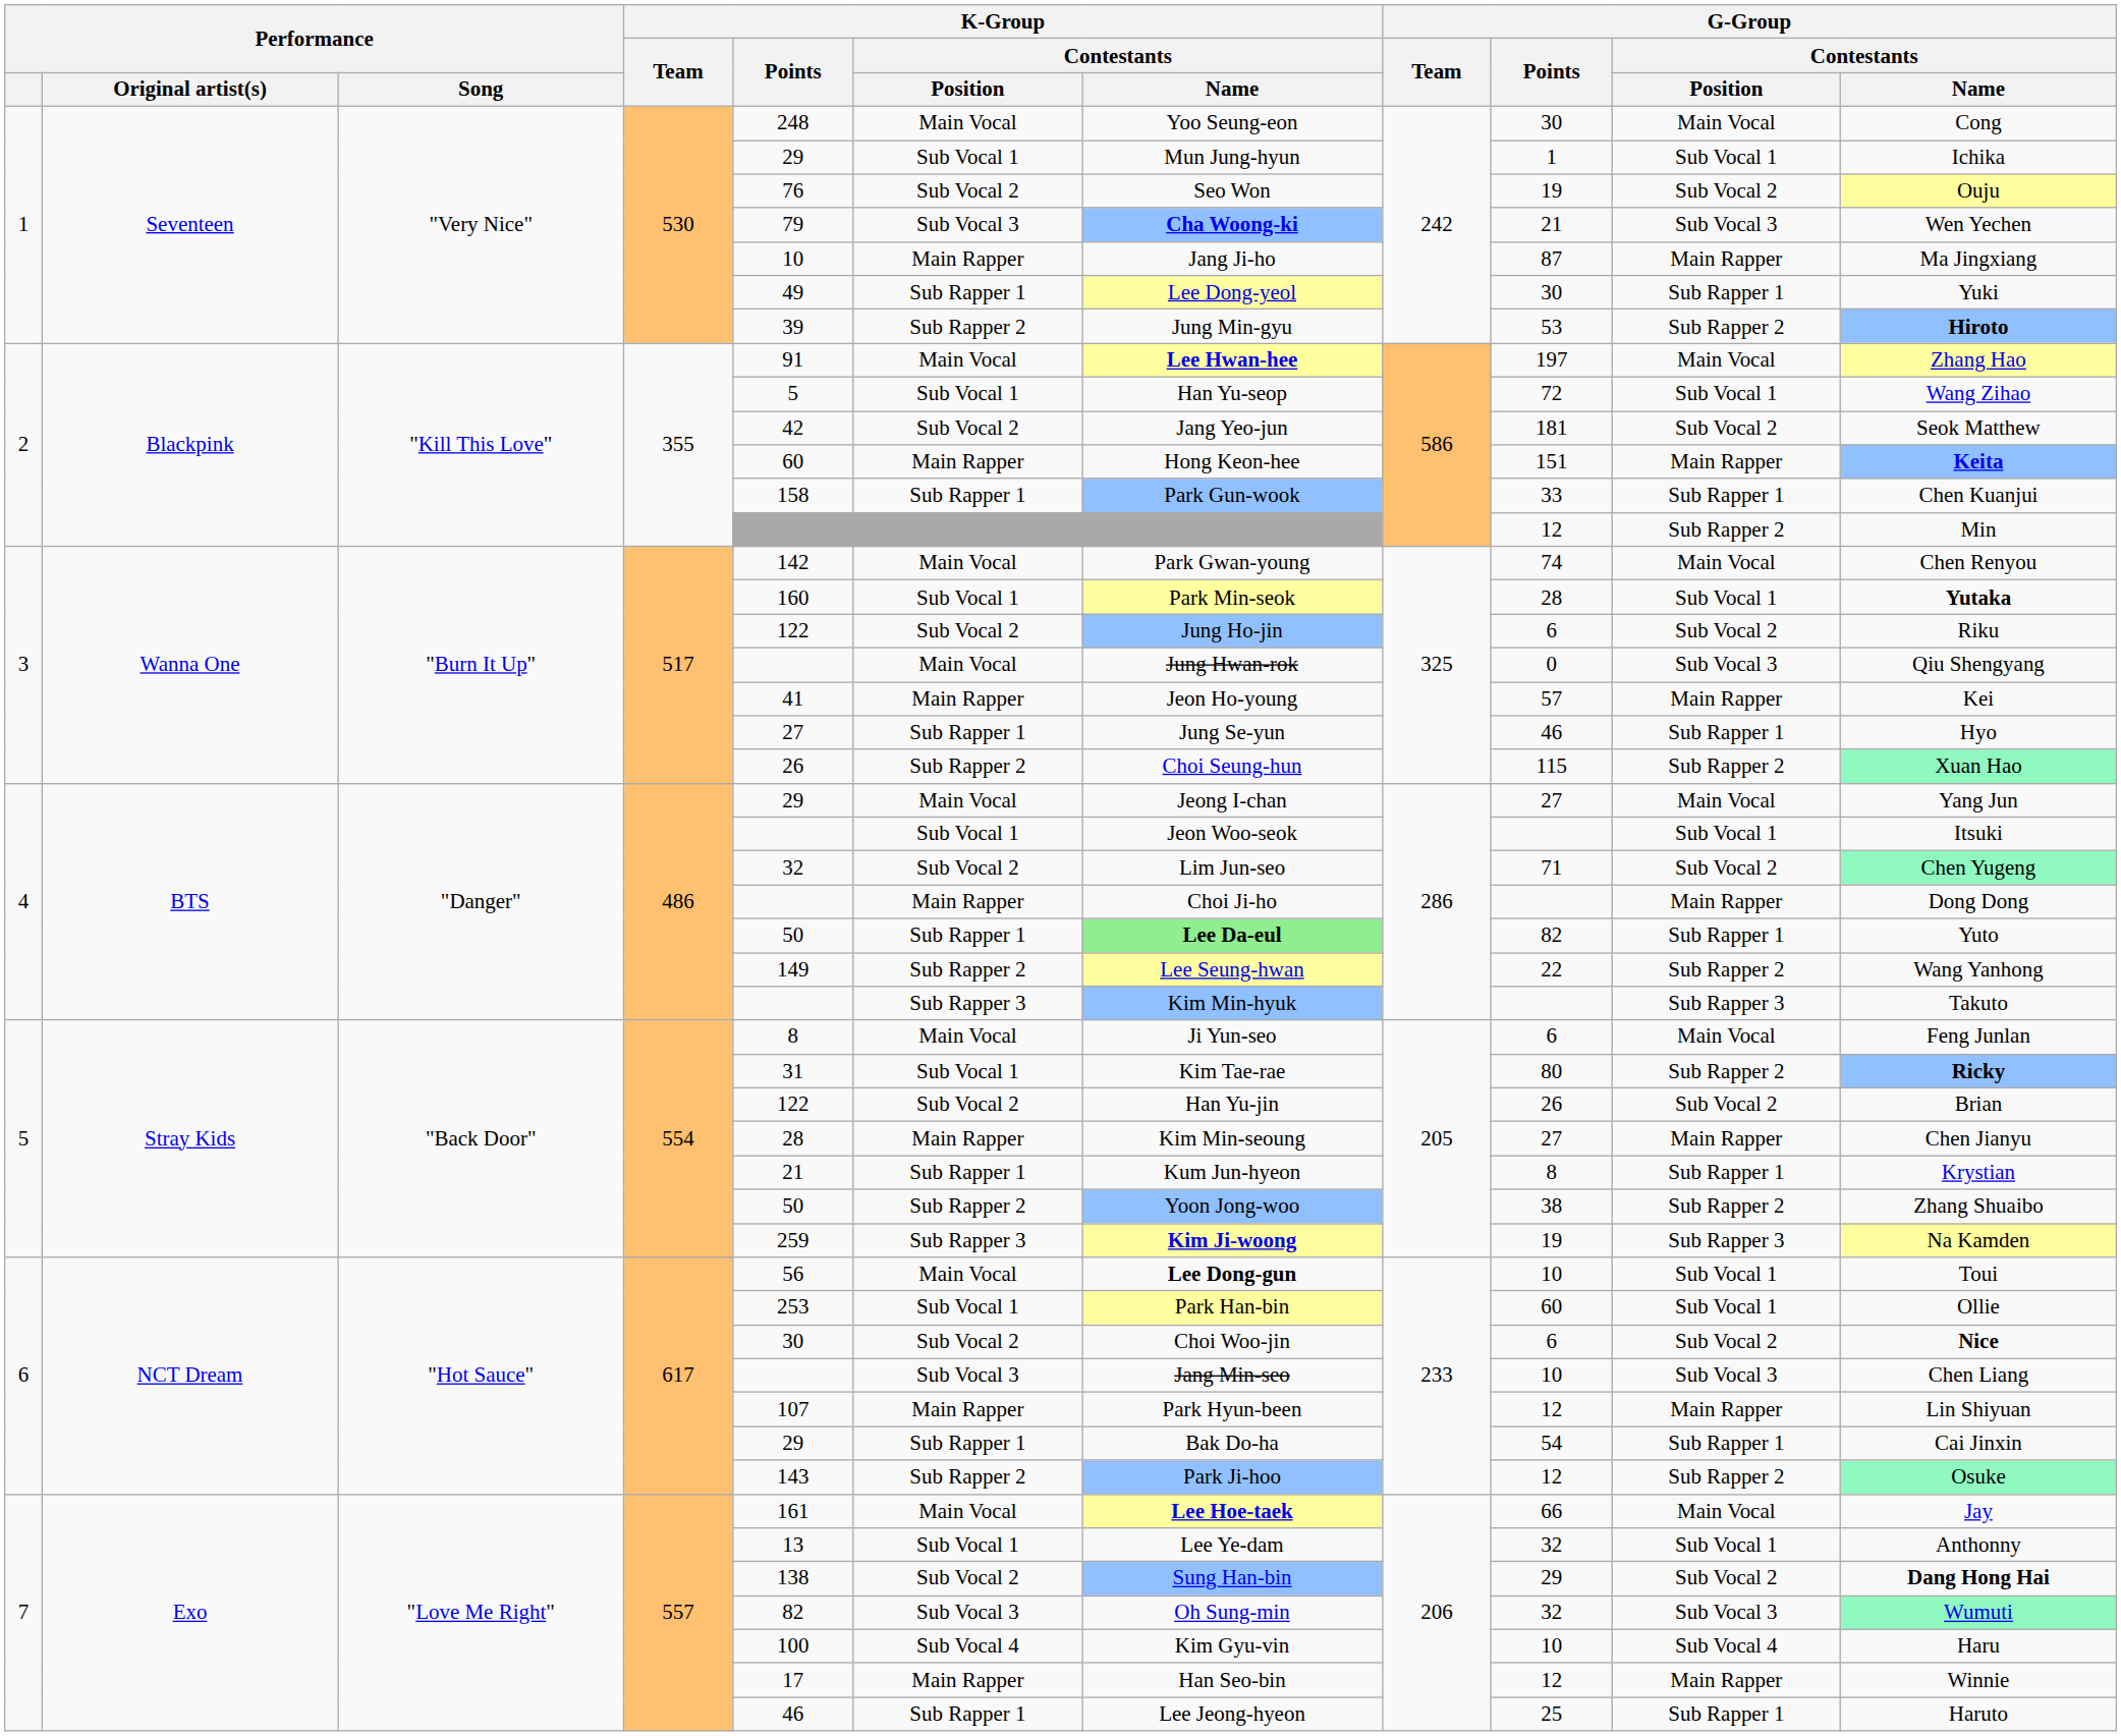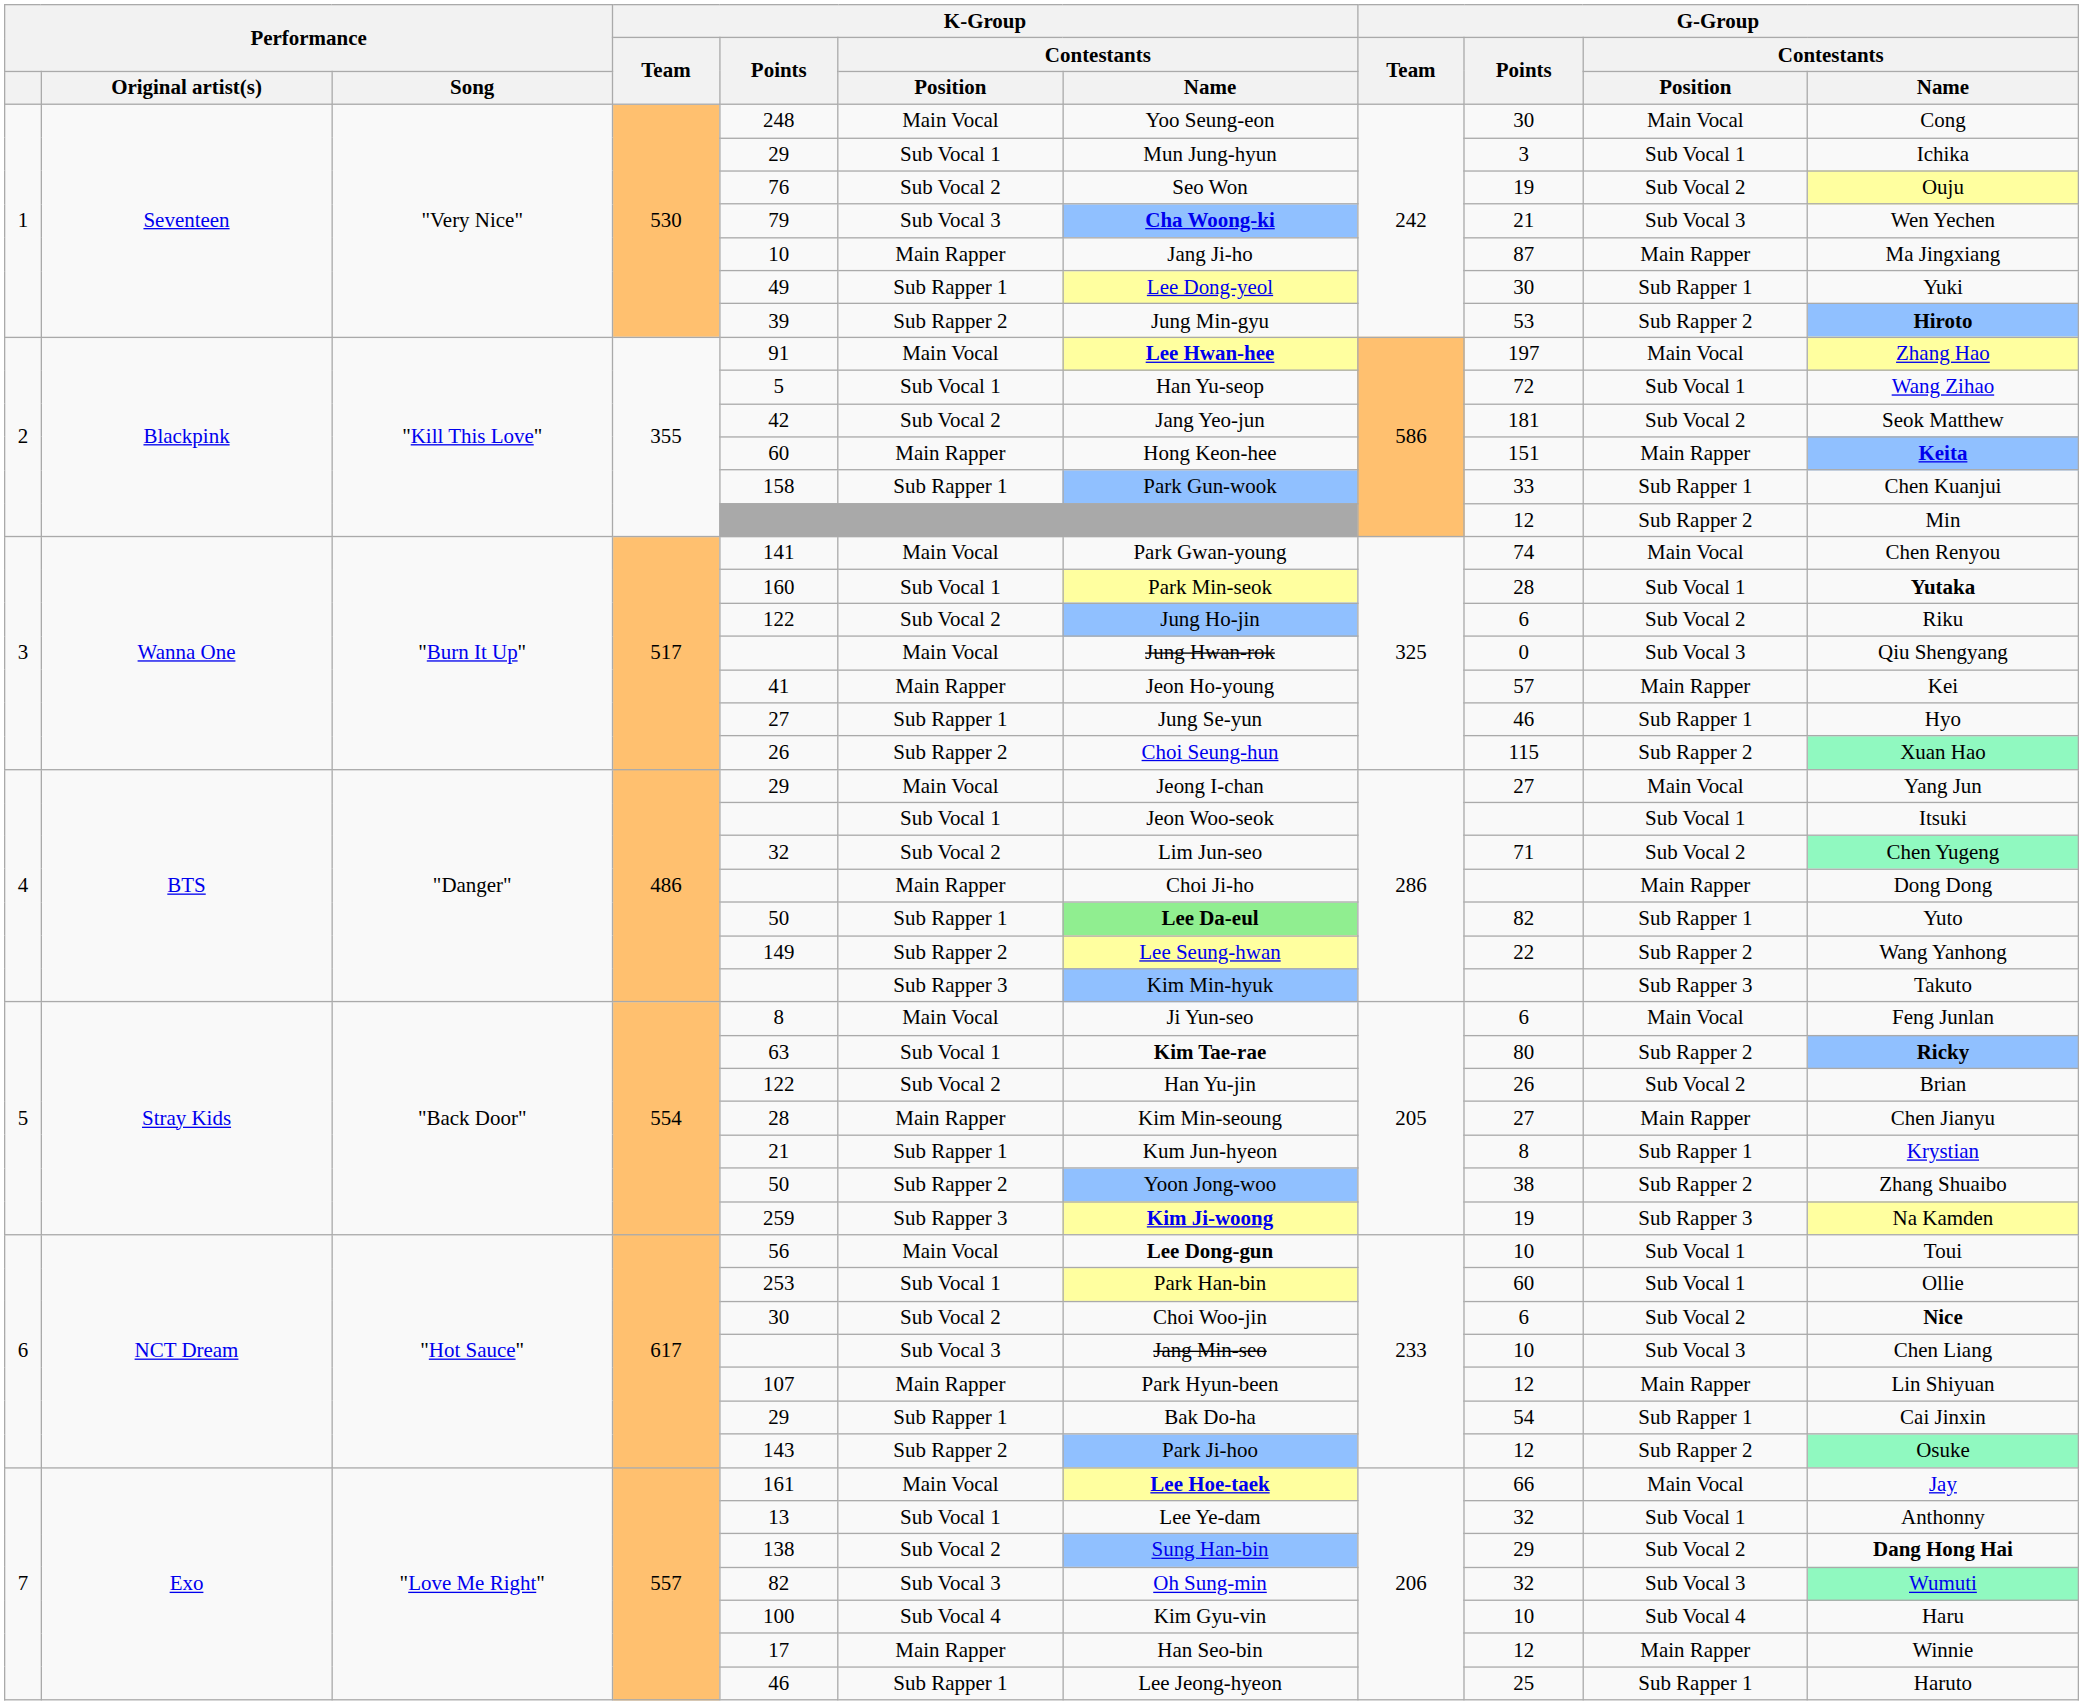 <table class="wikitable collapsible" style="width:100%; text-align:center">
 <tr>
 <th colspan="3" rowspan="2">Performance</th>
 <th colspan="4">K-Group</th>
 <th colspan="4">G-Group</th>
 </tr>
 <tr>
 <th rowspan="2">Team</th>
 <th rowspan="2">Points</th>
 <th colspan="2">Contestants</th>
 <th rowspan="2">Team</th>
 <th rowspan="2">Points</th>
 <th colspan="2">Contestants</th>
 </tr>
 <tr>
 <th></th>
 <th>Original artist(s)</th>
 <th>Song</th>
 <th>Position</th>
 <th>Name</th>
 <th>Position</th>
 <th>Name</th>
 </tr>
 <tr>
 <td rowspan="7">1</td>
 <td rowspan="7"><a href='#'>Seventeen</a></td>
 <td rowspan="7">"Very Nice"<br></td>
 <td rowspan="7" style="background:#FFC06F">530</td>
 <td>248</td>
 <td>Main Vocal</td>
 <td>Yoo Seung-eon</td>
 <td rowspan="7">242</td>
 <td>30</td>
 <td>Main Vocal</td>
 <td>Cong</td>
 </tr>
 <tr>
 <td>29</td>
 <td>Sub Vocal 1</td>
 <td>Mun Jung-hyun</td>
-<td>1</td>
+<td>3</td>
 <td>Sub Vocal 1</td>
 <td>Ichika</td>
 </tr>
 <tr>
 <td>76</td>
 <td>Sub Vocal 2</td>
 <td>Seo Won</td>
 <td>19</td>
 <td>Sub Vocal 2</td>
 <td style="background:#FFFF9F">Ouju</td>
 </tr>
 <tr>
 <td>79</td>
 <td>Sub Vocal 3</td>
 <td style="background:#90C0FF"><strong><a href='#'>Cha Woong-ki</a></strong></td>
 <td>21</td>
 <td>Sub Vocal 3</td>
 <td>Wen Yechen</td>
 </tr>
 <tr>
 <td>10</td>
 <td>Main Rapper</td>
 <td>Jang Ji-ho</td>
 <td>87</td>
 <td>Main Rapper</td>
 <td>Ma Jingxiang</td>
 </tr>
 <tr>
 <td>49</td>
 <td>Sub Rapper 1</td>
 <td style="background:#FFFF9F"><a href='#'>Lee Dong-yeol</a></td>
 <td>30</td>
 <td>Sub Rapper 1</td>
 <td>Yuki</td>
 </tr>
 <tr>
 <td>39</td>
 <td>Sub Rapper 2</td>
 <td>Jung Min-gyu</td>
 <td>53</td>
 <td>Sub Rapper 2</td>
 <td style="background:#90C0FF"><strong>Hiroto</strong></td>
 </tr>
 <tr>
 <td rowspan="6">2</td>
 <td rowspan="6"><a href='#'>Blackpink</a></td>
 <td rowspan="6">"<a href='#'>Kill This Love</a>"</td>
 <td rowspan="6">355</td>
 <td>91</td>
 <td>Main Vocal</td>
 <td style="background:#FFFF9F"><strong><a href='#'>Lee Hwan-hee</a></strong></td>
 <td rowspan="6" style="background:#FFC06F">586</td>
 <td>197</td>
 <td>Main Vocal</td>
 <td style="background:#FFFF9F"><a href='#'>Zhang Hao</a></td>
 </tr>
 <tr>
 <td>5</td>
 <td>Sub Vocal 1</td>
 <td>Han Yu-seop</td>
 <td>72</td>
 <td>Sub Vocal 1</td>
 <td><a href='#'>Wang Zihao</a></td>
 </tr>
 <tr>
 <td>42</td>
 <td>Sub Vocal 2</td>
 <td>Jang Yeo-jun</td>
 <td>181</td>
 <td>Sub Vocal 2</td>
 <td>Seok Matthew</td>
 </tr>
 <tr>
 <td>60</td>
 <td>Main Rapper</td>
 <td>Hong Keon-hee</td>
 <td>151</td>
 <td>Main Rapper</td>
 <td style="background:#90C0FF"><strong><a href='#'>Keita</a></strong></td>
 </tr>
 <tr>
 <td>158</td>
 <td>Sub Rapper 1</td>
 <td style="background:#90C0FF">Park Gun-wook</td>
 <td>33</td>
 <td>Sub Rapper 1</td>
 <td>Chen Kuanjui</td>
 </tr>
 <tr>
 <td colspan="3" style="background:darkgrey"></td>
 <td>12</td>
 <td>Sub Rapper 2</td>
 <td>Min</td>
 </tr>
 <tr>
 <td rowspan="7">3</td>
 <td rowspan="7"><a href='#'>Wanna One</a></td>
 <td rowspan="7">"<a href='#'>Burn It Up</a>"<br></td>
 <td rowspan="7" style="background:#FFC06F">517</td>
-<td>142</td>
+<td>141</td>
 <td>Main Vocal</td>
 <td>Park Gwan-young</td>
 <td rowspan="7">325</td>
 <td>74</td>
 <td>Main Vocal</td>
 <td>Chen Renyou</td>
 </tr>
 <tr>
 <td>160</td>
 <td>Sub Vocal 1</td>
 <td style="background:#FFFF9F">Park Min-seok</td>
 <td>28</td>
 <td>Sub Vocal 1</td>
 <td><strong>Yutaka</strong></td>
 </tr>
 <tr>
 <td>122</td>
 <td>Sub Vocal 2</td>
 <td style="background:#90C0FF">Jung Ho-jin</td>
 <td>6</td>
 <td>Sub Vocal 2</td>
 <td>Riku</td>
 </tr>
 <tr>
 <td></td>
 <td>Main Vocal</td>
 <td><s>Jung Hwan-rok</s></td>
 <td>0</td>
 <td>Sub Vocal 3</td>
 <td>Qiu Shengyang</td>
 </tr>
 <tr>
 <td>41</td>
 <td>Main Rapper</td>
 <td>Jeon Ho-young</td>
 <td>57</td>
 <td>Main Rapper</td>
 <td>Kei</td>
 </tr>
 <tr>
 <td>27</td>
 <td>Sub Rapper 1</td>
 <td>Jung Se-yun</td>
 <td>46</td>
 <td>Sub Rapper 1</td>
 <td>Hyo</td>
 </tr>
 <tr>
 <td>26</td>
 <td>Sub Rapper 2</td>
 <td><a href='#'>Choi Seung-hun</a></td>
 <td>115</td>
 <td>Sub Rapper 2</td>
 <td style="background:#90F9C0">Xuan Hao</td>
 </tr>
 <tr>
 <td rowspan="7">4</td>
 <td rowspan="7"><a href='#'>BTS</a></td>
 <td rowspan="7">"Danger"</td>
 <td rowspan="7" style="background:#FFC06F">486</td>
 <td>29</td>
 <td>Main Vocal</td>
 <td>Jeong I-chan</td>
 <td rowspan="7">286</td>
 <td>27</td>
 <td>Main Vocal</td>
 <td>Yang Jun</td>
 </tr>
 <tr>
 <td></td>
 <td>Sub Vocal 1</td>
 <td>Jeon Woo-seok</td>
 <td></td>
 <td>Sub Vocal 1</td>
 <td>Itsuki</td>
 </tr>
 <tr>
 <td>32</td>
 <td>Sub Vocal 2</td>
 <td>Lim Jun-seo</td>
 <td>71</td>
 <td>Sub Vocal 2</td>
 <td style="background:#90F9C0;">Chen Yugeng</td>
 </tr>
 <tr>
 <td></td>
 <td>Main Rapper</td>
 <td>Choi Ji-ho</td>
 <td></td>
 <td>Main Rapper</td>
 <td>Dong Dong</td>
 </tr>
 <tr>
 <td>50</td>
 <td>Sub Rapper 1</td>
 <td style="background: lightgreen;"><strong>Lee Da-eul</strong></td>
 <td>82</td>
 <td>Sub Rapper 1</td>
 <td>Yuto</td>
 </tr>
 <tr>
 <td>149</td>
 <td>Sub Rapper 2</td>
 <td style="background:#FFFF9F"><a href='#'>Lee Seung-hwan</a></td>
 <td>22</td>
 <td>Sub Rapper 2</td>
 <td>Wang Yanhong</td>
 </tr>
 <tr>
 <td></td>
 <td>Sub Rapper 3</td>
 <td style="background:#90C0FF">Kim Min-hyuk</td>
 <td></td>
 <td>Sub Rapper 3</td>
 <td>Takuto</td>
 </tr>
 <tr>
 <td rowspan="7">5</td>
 <td rowspan="7"><a href='#'>Stray Kids</a></td>
 <td rowspan="7">"Back Door"</td>
 <td rowspan="7" style="background:#FFC06F">554</td>
 <td>8</td>
 <td>Main Vocal</td>
 <td>Ji Yun-seo</td>
 <td rowspan="7">205</td>
 <td>6</td>
 <td>Main Vocal</td>
 <td>Feng Junlan</td>
 </tr>
 <tr>
-<td>31</td>
+<td>63</td>
 <td>Sub Vocal 1</td>
-<td>Kim Tae-rae</td>
+<td><strong>Kim Tae-rae</strong></td>
 <td>80</td>
 <td>Sub Rapper 2</td>
 <td style="background:#90C0FF"><strong>Ricky</strong></td>
 </tr>
 <tr>
 <td>122</td>
 <td>Sub Vocal 2</td>
 <td>Han Yu-jin</td>
 <td>26</td>
 <td>Sub Vocal 2</td>
 <td>Brian</td>
 </tr>
 <tr>
 <td>28</td>
 <td>Main Rapper</td>
 <td>Kim Min-seoung</td>
 <td>27</td>
 <td>Main Rapper</td>
 <td>Chen Jianyu</td>
 </tr>
 <tr>
 <td>21</td>
 <td>Sub Rapper 1</td>
 <td>Kum Jun-hyeon</td>
 <td>8</td>
 <td>Sub Rapper 1</td>
 <td><a href='#'>Krystian</a></td>
 </tr>
 <tr>
 <td>50</td>
 <td>Sub Rapper 2</td>
 <td style="background:#90C0FF">Yoon Jong-woo</td>
 <td>38</td>
 <td>Sub Rapper 2</td>
 <td>Zhang Shuaibo</td>
 </tr>
 <tr>
 <td>259</td>
 <td>Sub Rapper 3</td>
 <td style="background:#FFFF9F"><strong><a href='#'>Kim Ji-woong</a></strong></td>
 <td>19</td>
 <td>Sub Rapper 3</td>
 <td style="background:#FFFF9F">Na Kamden</td>
 </tr>
 <tr>
 <td rowspan="7">6</td>
 <td rowspan="7"><a href='#'>NCT Dream</a></td>
 <td rowspan="7">"<a href='#'>Hot Sauce</a>"<br></td>
 <td rowspan="7" style="background:#FFC06F">617</td>
 <td>56</td>
 <td>Main Vocal</td>
 <td><strong>Lee Dong-gun</strong></td>
 <td rowspan="7">233</td>
 <td>10</td>
 <td>Sub Vocal 1</td>
 <td>Toui</td>
 </tr>
 <tr>
 <td>253</td>
 <td>Sub Vocal 1</td>
 <td style="background:#FFFF9F">Park Han-bin</td>
 <td>60</td>
 <td>Sub Vocal 1</td>
 <td>Ollie</td>
 </tr>
 <tr>
 <td>30</td>
 <td>Sub Vocal 2</td>
 <td>Choi Woo-jin</td>
 <td>6</td>
 <td>Sub Vocal 2</td>
 <td><strong>Nice</strong></td>
 </tr>
 <tr>
 <td></td>
 <td>Sub Vocal 3</td>
 <td><s>Jang Min-seo</s></td>
 <td>10</td>
 <td>Sub Vocal 3</td>
 <td>Chen Liang</td>
 </tr>
 <tr>
 <td>107</td>
 <td>Main Rapper</td>
 <td>Park Hyun-been</td>
 <td>12</td>
 <td>Main Rapper</td>
 <td>Lin Shiyuan</td>
 </tr>
 <tr>
 <td>29</td>
 <td>Sub Rapper 1</td>
 <td>Bak Do-ha</td>
 <td>54</td>
 <td>Sub Rapper 1</td>
 <td>Cai Jinxin</td>
 </tr>
 <tr>
 <td>143</td>
 <td>Sub Rapper 2</td>
 <td style="background:#90C0FF">Park Ji-hoo</td>
 <td>12</td>
 <td>Sub Rapper 2</td>
 <td style="background:#90F9C0">Osuke</td>
 </tr>
 <tr>
 <td rowspan="7">7</td>
 <td rowspan="7"><a href='#'>Exo</a></td>
 <td rowspan="7">"<a href='#'>Love Me Right</a>"</td>
 <td rowspan="7" style="background:#FFC06F">557</td>
 <td>161</td>
 <td>Main Vocal</td>
 <td style="background:#FFFF9F"><strong><a href='#'>Lee Hoe-taek</a></strong></td>
 <td rowspan="7">206</td>
 <td>66</td>
 <td>Main Vocal</td>
 <td><a href='#'>Jay</a></td>
 </tr>
 <tr>
 <td>13</td>
 <td>Sub Vocal 1</td>
 <td>Lee Ye-dam</td>
 <td>32</td>
 <td>Sub Vocal 1</td>
 <td>Anthonny</td>
 </tr>
 <tr>
 <td>138</td>
 <td>Sub Vocal 2</td>
 <td style="background:#90C0FF"><a href='#'>Sung Han-bin</a></td>
 <td>29</td>
 <td>Sub Vocal 2</td>
 <td><strong>Dang Hong Hai</strong></td>
 </tr>
 <tr>
 <td>82</td>
 <td>Sub Vocal 3</td>
 <td><a href='#'>Oh Sung-min</a></td>
 <td>32</td>
 <td>Sub Vocal 3</td>
 <td style="background:#90F9C0"><a href='#'>Wumuti</a></td>
 </tr>
 <tr>
 <td>100</td>
 <td>Sub Vocal 4</td>
 <td>Kim Gyu-vin</td>
 <td>10</td>
 <td>Sub Vocal 4</td>
 <td>Haru</td>
 </tr>
 <tr>
 <td>17</td>
 <td>Main Rapper</td>
 <td>Han Seo-bin</td>
 <td>12</td>
 <td>Main Rapper</td>
 <td>Winnie</td>
 </tr>
 <tr>
 <td>46</td>
 <td>Sub Rapper 1</td>
 <td>Lee Jeong-hyeon</td>
 <td>25</td>
 <td>Sub Rapper 1</td>
 <td>Haruto</td>
 </tr>
 </table>
